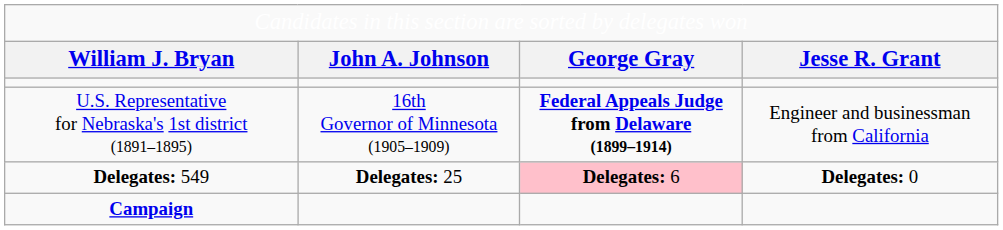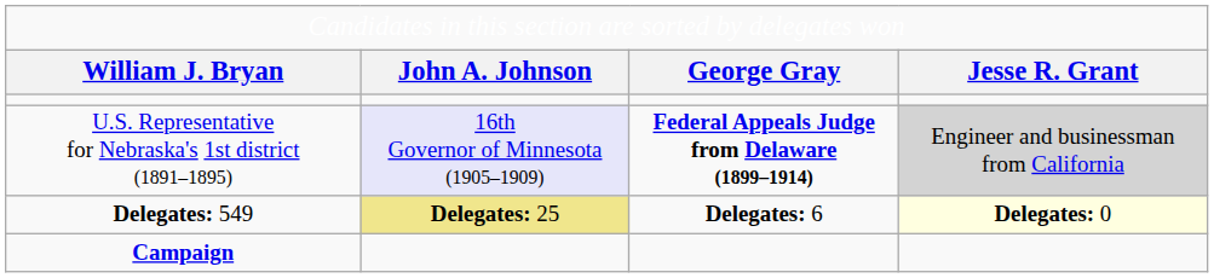 <table class="wikitable" style="font-size:90%">
 <tr>
 <td colspan="9" style="text-align:center; width:750px; font-size:120%; color:white; background:"><em>Candidates in this section are sorted by delegates won</em></td>
 </tr>
 <tr>
 <th scope="col" style="width:3em; font-size:120%;"><a href='#'>William J. Bryan</a></th>
 <th scope="col" style="width:3em; font-size:120%;"><a href='#'>John A. Johnson</a></th>
 <th scope="col" style="width:3em; font-size:120%;"><a href='#'>George Gray</a></th>
 <th scope="col" style="width:3em; font-size:120%;"><a href='#'>Jesse R. Grant</a></th>
 </tr>
 <tr>
 <td></td>
 <td></td>
 <td></td>
 <td></td>
 </tr>
 <tr style="text-align:center">
 <td><a href='#'>U.S. Representative</a><br>for <a href='#'>Nebraska's</a> <a href='#'>1st district</a><br><small>(1891–1895)</small></td>
-<td><a href='#'>16th</a><br><a href='#'>Governor of Minnesota</a><br><small>(1905–1909)</small></td>
+<td style="background: lavender;"><a href='#'>16th</a><br><a href='#'>Governor of Minnesota</a><br><small>(1905–1909)</small></td>
 <td><strong><a href='#'>Federal Appeals Judge</a><br>from <a href='#'>Delaware</a><br><small>(1899–1914)</small></strong></td>
-<td>Engineer and businessman<br>from <a href='#'>California</a></td>
+<td style="background: lightgrey;">Engineer and businessman<br>from <a href='#'>California</a></td>
 </tr>
 <tr style="text-align:center">
 <td><strong>Delegates:</strong> 549</td>
-<td><strong>Delegates:</strong> 25</td>
-<td style="background: pink;"><strong>Delegates:</strong> 6</td>
-<td><strong>Delegates:</strong> 0</td>
+<td style="background: khaki;"><strong>Delegates:</strong> 25</td>
+<td><strong>Delegates:</strong> 6</td>
+<td style="background: lightyellow;"><strong>Delegates:</strong> 0</td>
 </tr>
 <tr style="text-align:center">
 <td><a href='#'><strong>Campaign</strong></a></td>
 <td></td>
 <td></td>
 <td></td>
 </tr>
 </table>
